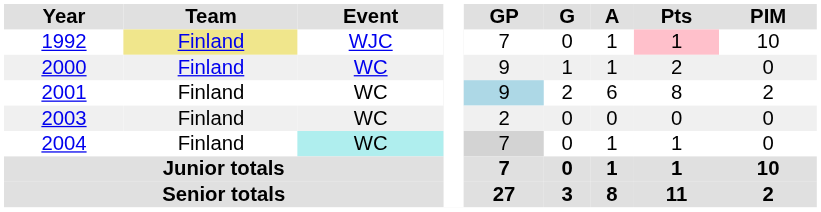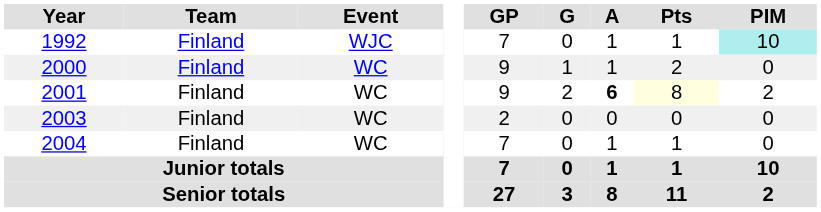 <table border="0" cellpadding="1" cellspacing="0" style="text-align:center; width:40em">
 <tr ALIGN="center" bgcolor="#e0e0e0">
 <th>Year</th>
 <th>Team</th>
 <th>Event</th>
 <th rowspan="99" bgcolor="#ffffff"> </th>
 <th>GP</th>
 <th>G</th>
 <th>A</th>
 <th>Pts</th>
 <th>PIM</th>
 </tr>
 <tr>
 <td><a href='#'>1992</a></td>
-<td style="background: khaki;"><a href='#'>Finland</a></td>
+<td><a href='#'>Finland</a></td>
 <td><a href='#'>WJC</a></td>
 <td>7</td>
 <td>0</td>
 <td>1</td>
-<td style="background: pink;">1</td>
-<td>10</td>
+<td>1</td>
+<td style="background: paleturquoise;">10</td>
 </tr>
 <tr bgcolor="#f0f0f0">
 <td><a href='#'>2000</a></td>
 <td><a href='#'>Finland</a></td>
 <td><a href='#'>WC</a></td>
 <td>9</td>
 <td>1</td>
 <td>1</td>
 <td>2</td>
 <td>0</td>
 </tr>
 <tr>
 <td><a href='#'>2001</a></td>
 <td>Finland</td>
 <td>WC</td>
-<td style="background: lightblue;">9</td>
+<td>9</td>
 <td>2</td>
-<td>6</td>
-<td>8</td>
+<td><strong>6</strong></td>
+<td style="background: lightyellow;">8</td>
 <td>2</td>
 </tr>
 <tr bgcolor="#f0f0f0">
 <td><a href='#'>2003</a></td>
 <td>Finland</td>
 <td>WC</td>
 <td>2</td>
 <td>0</td>
 <td>0</td>
 <td>0</td>
 <td>0</td>
 </tr>
 <tr>
 <td><a href='#'>2004</a></td>
 <td>Finland</td>
-<td style="background: paleturquoise;">WC</td>
-<td style="background: lightgrey;">7</td>
+<td>WC</td>
+<td>7</td>
 <td>0</td>
 <td>1</td>
 <td>1</td>
 <td>0</td>
 </tr>
 <tr bgcolor="#e0e0e0">
 <th colspan=3>Junior totals</th>
 <th>7</th>
 <th>0</th>
 <th>1</th>
 <th>1</th>
 <th>10</th>
 </tr>
 <tr bgcolor="#e0e0e0">
 <th colspan=3>Senior totals</th>
 <th>27</th>
 <th>3</th>
 <th>8</th>
 <th>11</th>
 <th>2</th>
 </tr>
 </table>
